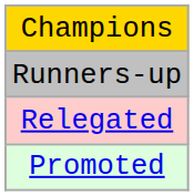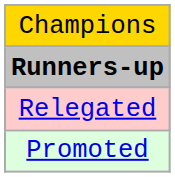 <table class="wikitable" style="text-align:center">
 <tr>
 <td style=background:gold>Champions</td>
 </tr>
 <tr>
-<td style=background:silver>Runners-up</td>
+<td style=background:silver><strong>Runners-up</strong></td>
 </tr>
 <tr>
 <td style=background:#FFCCCC><a href='#'>Relegated</a></td>
 </tr>
 <tr>
 <td style="background:#dfd;"><a href='#'>Promoted</a></td>
 </tr>
 </table>
